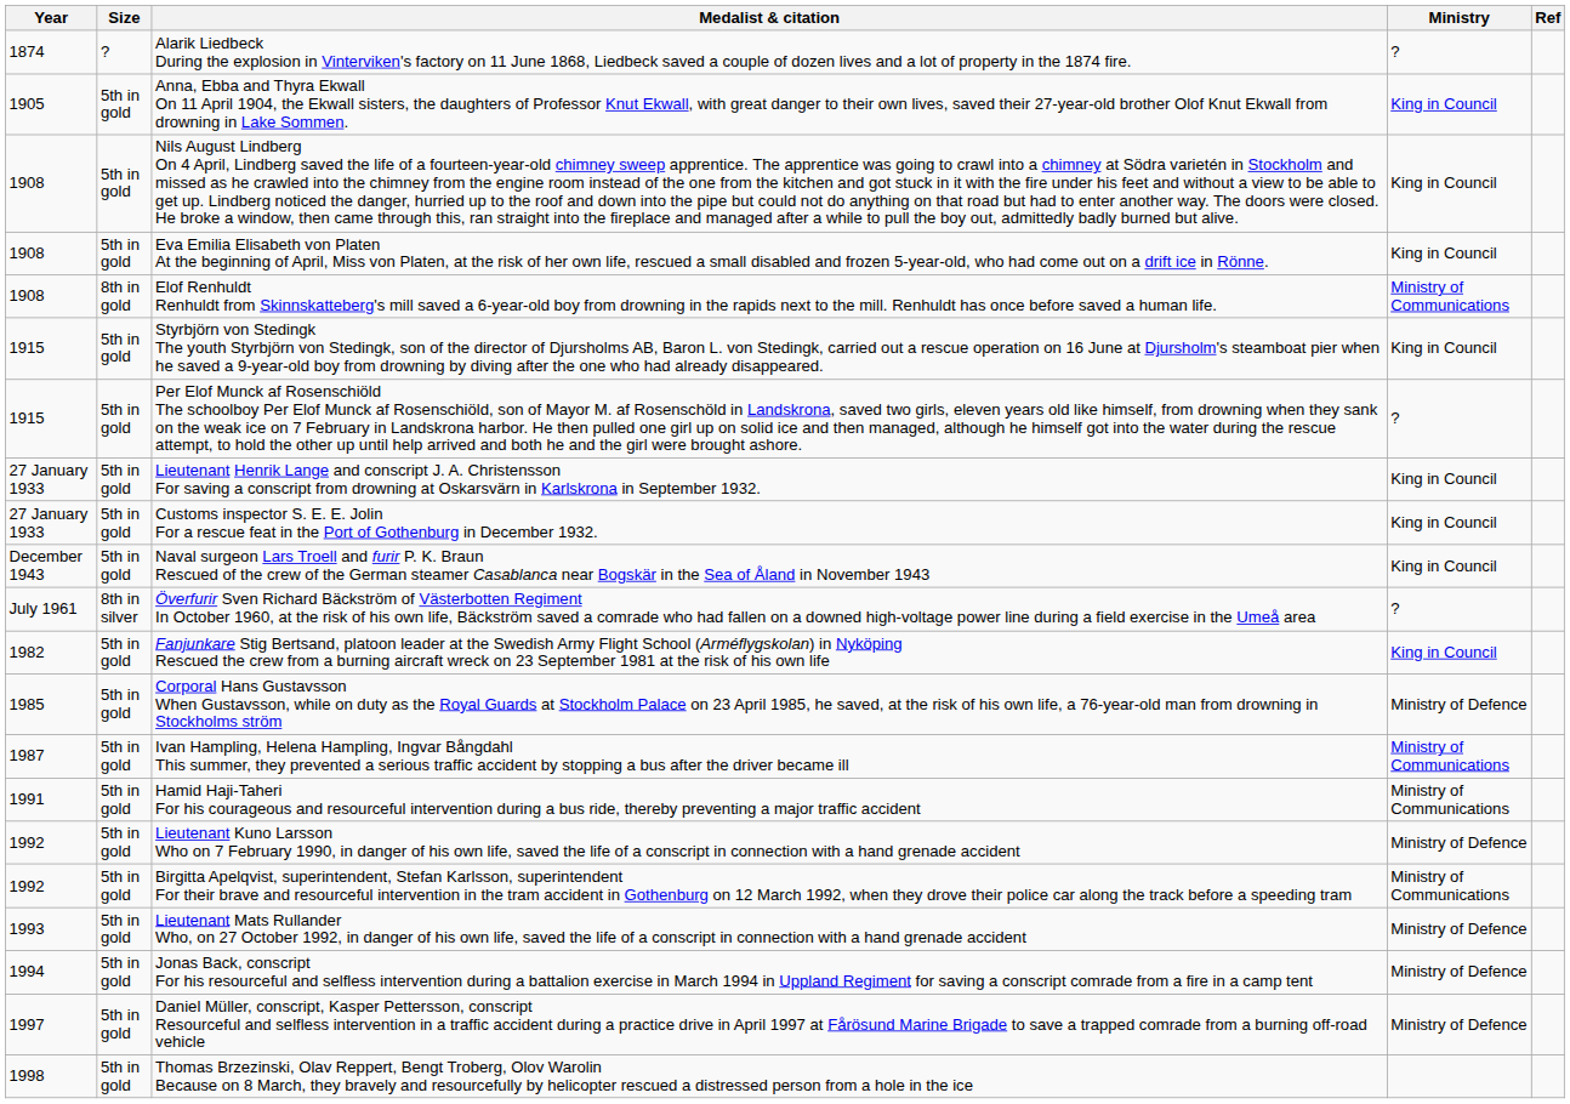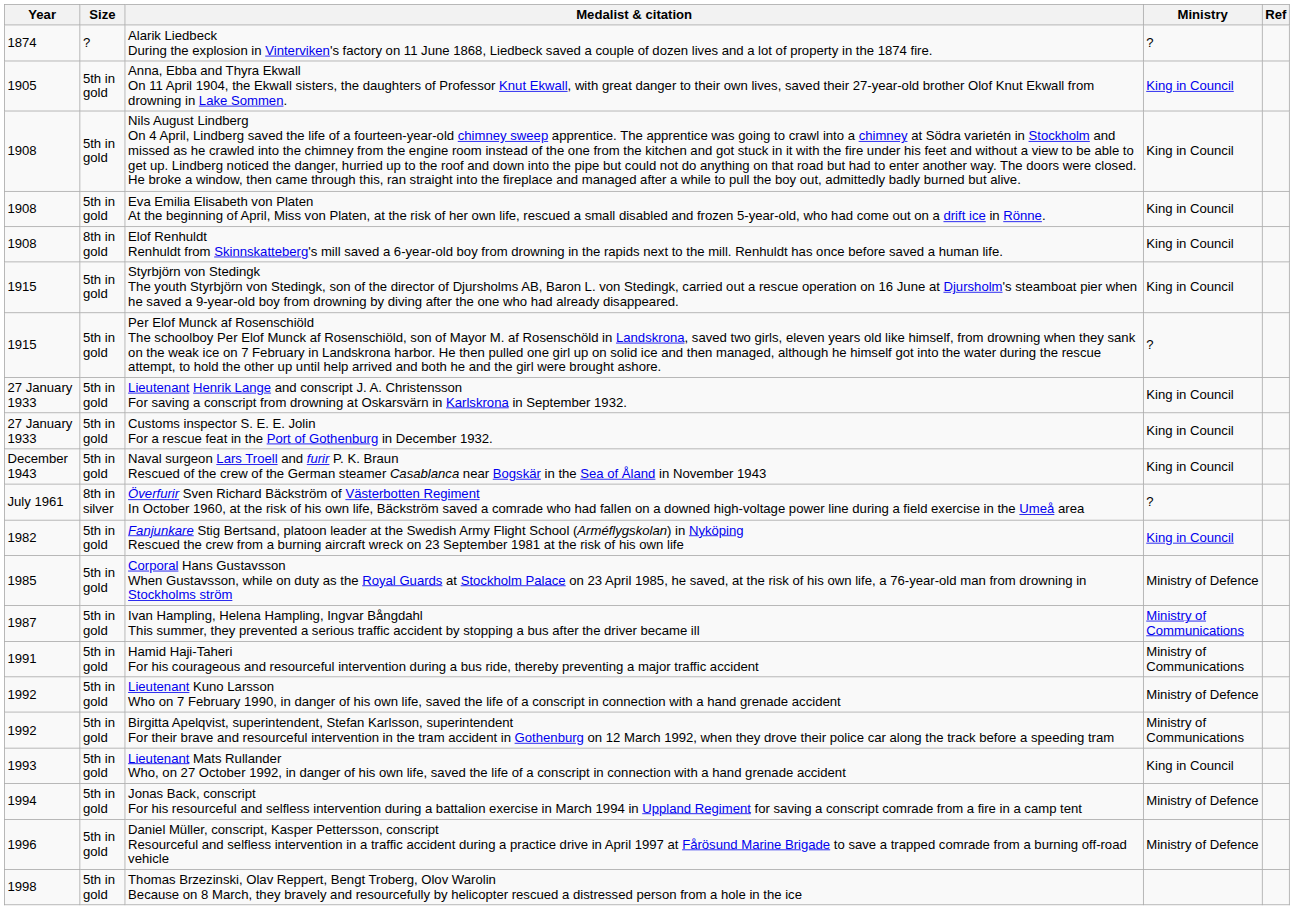 <table class="wikitable">
 <tr>
 <th>Year</th>
 <th>Size</th>
 <th>Medalist & citation</th>
 <th>Ministry</th>
 <th>Ref</th>
 </tr>
 <tr>
 <td>1874</td>
 <td>?</td>
 <td>Alarik Liedbeck <br> During the explosion in <a href='#'>Vinterviken</a>'s factory on 11 June 1868, Liedbeck saved a couple of dozen lives and a lot of property in the 1874 fire.</td>
 <td>?</td>
 <td></td>
 </tr>
 <tr>
 <td>1905</td>
 <td>5th in gold</td>
 <td>Anna, Ebba and Thyra Ekwall <br> On 11 April 1904, the Ekwall sisters, the daughters of Professor <a href='#'>Knut Ekwall</a>, with great danger to their own lives, saved their 27-year-old brother Olof Knut Ekwall from drowning in <a href='#'>Lake Sommen</a>.</td>
 <td><a href='#'>King in Council</a></td>
 <td></td>
 </tr>
 <tr>
 <td>1908</td>
 <td>5th in gold</td>
 <td>Nils August Lindberg <br> On 4 April, Lindberg saved the life of a fourteen-year-old <a href='#'>chimney sweep</a> apprentice. The apprentice was going to crawl into a <a href='#'>chimney</a> at Södra varietén in <a href='#'>Stockholm</a> and missed as he crawled into the chimney from the engine room instead of the one from the kitchen and got stuck in it with the fire under his feet and without a view to be able to get up. Lindberg noticed the danger, hurried up to the roof and down into the pipe but could not do anything on that road but had to enter another way. The doors were closed. He broke a window, then came through this, ran straight into the fireplace and managed after a while to pull the boy out, admittedly badly burned but alive.</td>
 <td>King in Council</td>
 <td></td>
 </tr>
 <tr>
 <td>1908</td>
 <td>5th in gold</td>
 <td>Eva Emilia Elisabeth von Platen <br> At the beginning of April, Miss von Platen, at the risk of her own life, rescued a small disabled and frozen 5-year-old, who had come out on a <a href='#'>drift ice</a> in <a href='#'>Rönne</a>.</td>
 <td>King in Council</td>
 <td></td>
 </tr>
 <tr>
 <td>1908</td>
 <td>8th in gold</td>
 <td>Elof Renhuldt <br> Renhuldt from <a href='#'>Skinnskatteberg</a>'s mill saved a 6-year-old boy from drowning in the rapids next to the mill. Renhuldt has once before saved a human life.</td>
-<td><a href='#'>Ministry of Communications</a></td>
+<td>King in Council</td>
 <td></td>
 </tr>
 <tr>
 <td>1915</td>
 <td>5th in gold</td>
 <td>Styrbjörn von Stedingk <br> The youth Styrbjörn von Stedingk, son of the director of Djursholms AB, Baron L. von Stedingk, carried out a rescue operation on 16 June at <a href='#'>Djursholm</a>'s steamboat pier when he saved a 9-year-old boy from drowning by diving after the one who had already disappeared.</td>
 <td>King in Council</td>
 <td></td>
 </tr>
 <tr>
 <td>1915</td>
 <td>5th in gold</td>
 <td>Per Elof Munck af Rosenschiöld <br> The schoolboy Per Elof Munck af Rosenschiöld, son of Mayor M. af Rosenschöld in <a href='#'>Landskrona</a>, saved two girls, eleven years old like himself, from drowning when they sank on the weak ice on 7 February in Landskrona harbor. He then pulled one girl up on solid ice and then managed, although he himself got into the water during the rescue attempt, to hold the other up until help arrived and both he and the girl were brought ashore.</td>
 <td>?</td>
 <td></td>
 </tr>
 <tr>
 <td>27 January 1933</td>
 <td>5th in gold</td>
 <td><a href='#'>Lieutenant</a> <a href='#'>Henrik Lange</a> and conscript J. A. Christensson <br> For saving a conscript from drowning at Oskarsvärn in <a href='#'>Karlskrona</a> in September 1932.</td>
 <td>King in Council</td>
 <td></td>
 </tr>
 <tr>
 <td>27 January 1933</td>
 <td>5th in gold</td>
 <td>Customs inspector S. E. E. Jolin <br> For a rescue feat in the <a href='#'>Port of Gothenburg</a> in December 1932.</td>
 <td>King in Council</td>
 <td></td>
 </tr>
 <tr>
 <td>December 1943</td>
 <td>5th in gold</td>
 <td>Naval surgeon <a href='#'>Lars Troell</a> and <em><a href='#'>furir</a></em> P. K. Braun <br> Rescued of the crew of the German steamer <em>Casablanca</em> near <a href='#'>Bogskär</a> in the <a href='#'>Sea of Åland</a> in November 1943</td>
 <td>King in Council</td>
 <td></td>
 </tr>
 <tr>
 <td>July 1961</td>
 <td>8th in silver</td>
 <td><em><a href='#'>Överfurir</a></em> Sven Richard Bäckström of <a href='#'>Västerbotten Regiment</a> <br> In October 1960, at the risk of his own life, Bäckström saved a comrade who had fallen on a downed high-voltage power line during a field exercise in the <a href='#'>Umeå</a> area</td>
 <td>?</td>
 <td></td>
 </tr>
 <tr>
 <td>1982</td>
 <td>5th in gold</td>
 <td><em><a href='#'>Fanjunkare</a></em> Stig Bertsand, platoon leader at the Swedish Army Flight School (<em>Arméflygskolan</em>) in <a href='#'>Nyköping</a> <br> Rescued the crew from a burning aircraft wreck on 23 September 1981 at the risk of his own life</td>
 <td><a href='#'>King in Council</a></td>
 <td></td>
 </tr>
 <tr>
 <td>1985</td>
 <td>5th in gold</td>
 <td><a href='#'>Corporal</a> Hans Gustavsson <br> When Gustavsson, while on duty as the <a href='#'>Royal Guards</a> at <a href='#'>Stockholm Palace</a> on 23 April 1985, he saved, at the risk of his own life, a 76-year-old man from drowning in <a href='#'>Stockholms ström</a></td>
 <td>Ministry of Defence</td>
 <td></td>
 </tr>
 <tr>
 <td>1987</td>
 <td>5th in gold</td>
 <td>Ivan Hampling, Helena Hampling, Ingvar Bångdahl <br> This summer, they prevented a serious traffic accident by stopping a bus after the driver became ill</td>
 <td><a href='#'>Ministry of Communications</a></td>
 <td></td>
 </tr>
 <tr>
 <td>1991</td>
 <td>5th in gold</td>
 <td>Hamid Haji-Taheri <br> For his courageous and resourceful intervention during a bus ride, thereby preventing a major traffic accident</td>
 <td>Ministry of Communications</td>
 <td></td>
 </tr>
 <tr>
 <td>1992</td>
 <td>5th in gold</td>
 <td><a href='#'>Lieutenant</a> Kuno Larsson <br> Who on 7 February 1990, in danger of his own life, saved the life of a conscript in connection with a hand grenade accident</td>
 <td>Ministry of Defence</td>
 <td></td>
 </tr>
 <tr>
 <td>1992</td>
 <td>5th in gold</td>
 <td>Birgitta Apelqvist, superintendent, Stefan Karlsson, superintendent <br> For their brave and resourceful intervention in the tram accident in <a href='#'>Gothenburg</a> on 12 March 1992, when they drove their police car along the track before a speeding tram</td>
 <td>Ministry of Communications</td>
 <td></td>
 </tr>
 <tr>
 <td>1993</td>
 <td>5th in gold</td>
 <td><a href='#'>Lieutenant</a> Mats Rullander <br> Who, on 27 October 1992, in danger of his own life, saved the life of a conscript in connection with a hand grenade accident</td>
-<td>Ministry of Defence</td>
+<td>King in Council</td>
 <td></td>
 </tr>
 <tr>
 <td>1994</td>
 <td>5th in gold</td>
 <td>Jonas Back, conscript <br> For his resourceful and selfless intervention during a battalion exercise in March 1994 in <a href='#'>Uppland Regiment</a> for saving a conscript comrade from a fire in a camp tent</td>
 <td>Ministry of Defence</td>
 <td></td>
 </tr>
 <tr>
-<td>1997</td>
+<td>1996</td>
 <td>5th in gold</td>
 <td>Daniel Müller, conscript, Kasper Pettersson, conscript <br> Resourceful and selfless intervention in a traffic accident during a practice drive in April 1997 at <a href='#'>Fårösund Marine Brigade</a> to save a trapped comrade from a burning off-road vehicle</td>
 <td>Ministry of Defence</td>
 <td></td>
 </tr>
 <tr>
 <td>1998</td>
 <td>5th in gold</td>
 <td>Thomas Brzezinski, Olav Reppert, Bengt Troberg, Olov Warolin <br> Because on 8 March, they bravely and resourcefully by helicopter rescued a distressed person from a hole in the ice</td>
 <td></td>
 <td></td>
 </tr>
 </table>
